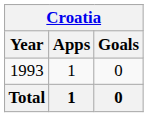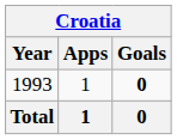 <table class="wikitable" style="text-align:center">
 <tr>
 <th colspan=3><a href='#'>Croatia</a></th>
 </tr>
 <tr>
 <th>Year</th>
 <th>Apps</th>
 <th>Goals</th>
 </tr>
 <tr>
 <td>1993</td>
 <td>1</td>
-<td>0</td>
+<td><strong>0</strong></td>
 </tr>
 <tr>
 <th>Total</th>
 <th>1</th>
 <th>0</th>
 </tr>
 </table>
